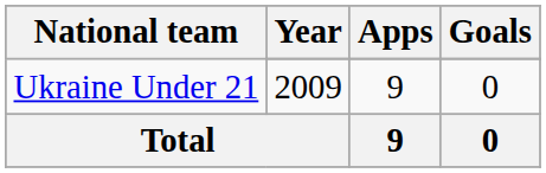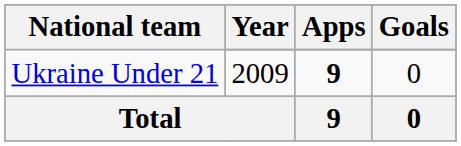 <table class=wikitable style=text-align:center>
 <tr>
 <th>National team</th>
 <th>Year</th>
 <th>Apps</th>
 <th>Goals</th>
 </tr>
 <tr>
 <td rowspan=2><a href='#'>Ukraine Under 21</a></td>
 </tr>
 <tr>
 <td>2009</td>
-<td>9</td>
+<td><strong>9</strong></td>
 <td>0</td>
 </tr>
 <tr>
 <th colspan=2>Total</th>
 <th>9</th>
 <th>0</th>
 </tr>
 </table>
